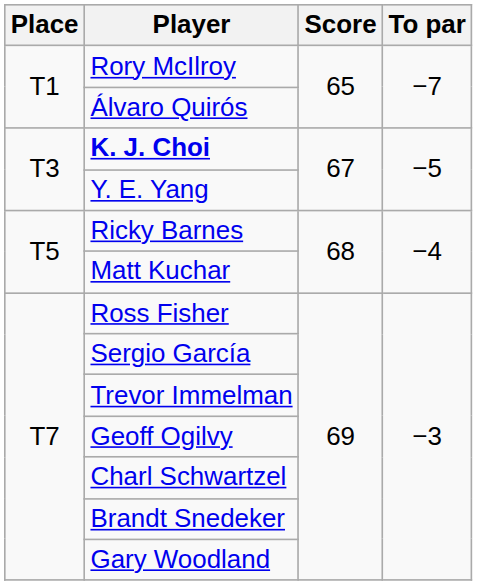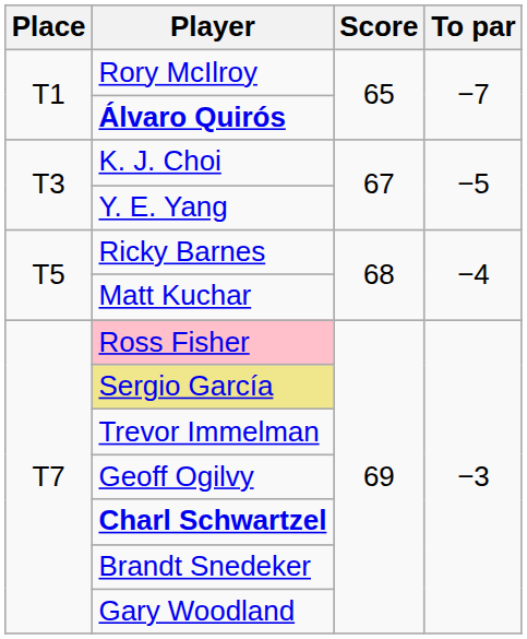 <table class="wikitable">
 <tr>
 <th>Place</th>
 <th>Player</th>
 <th>Score</th>
 <th>To par</th>
 </tr>
 <tr>
 <td rowspan="2" style="text-align:center;">T1</td>
 <td> <a href='#'>Rory McIlroy</a></td>
 <td rowspan="2" style="text-align:center;">65</td>
 <td rowspan="2" style="text-align:center;">−7</td>
 </tr>
 <tr>
-<td> <a href='#'>Álvaro Quirós</a></td>
+<td><strong> <a href='#'>Álvaro Quirós</a></strong></td>
 </tr>
 <tr>
 <td rowspan="2" style="text-align:center;">T3</td>
-<td><strong> <a href='#'>K. J. Choi</a></strong></td>
+<td> <a href='#'>K. J. Choi</a></td>
 <td rowspan="2" style="text-align:center;">67</td>
 <td rowspan="2" style="text-align:center;">−5</td>
 </tr>
 <tr>
 <td> <a href='#'>Y. E. Yang</a></td>
 </tr>
 <tr>
 <td rowspan="2" style="text-align:center;">T5</td>
 <td> <a href='#'>Ricky Barnes</a></td>
 <td rowspan="2" style="text-align:center;">68</td>
 <td rowspan="2" style="text-align:center;">−4</td>
 </tr>
 <tr>
 <td> <a href='#'>Matt Kuchar</a></td>
 </tr>
 <tr>
 <td rowspan="7" style="text-align:center;">T7</td>
-<td> <a href='#'>Ross Fisher</a></td>
+<td style="background: pink;"> <a href='#'>Ross Fisher</a></td>
 <td rowspan="7" style="text-align:center;">69</td>
 <td rowspan="7" style="text-align:center;">−3</td>
 </tr>
 <tr>
-<td> <a href='#'>Sergio García</a></td>
+<td style="background: khaki;"> <a href='#'>Sergio García</a></td>
 </tr>
 <tr>
 <td> <a href='#'>Trevor Immelman</a></td>
 </tr>
 <tr>
 <td> <a href='#'>Geoff Ogilvy</a></td>
 </tr>
 <tr>
-<td> <a href='#'>Charl Schwartzel</a></td>
+<td><strong> <a href='#'>Charl Schwartzel</a></strong></td>
 </tr>
 <tr>
 <td> <a href='#'>Brandt Snedeker</a></td>
 </tr>
 <tr>
 <td> <a href='#'>Gary Woodland</a></td>
 </tr>
 </table>
